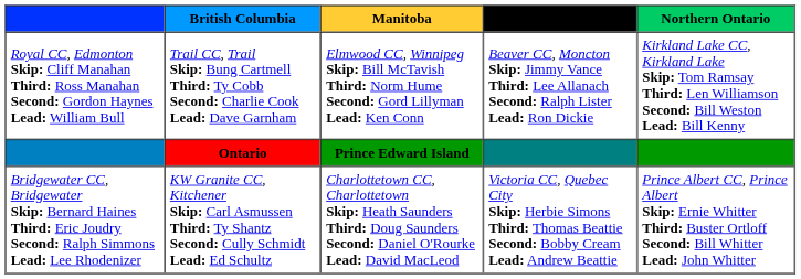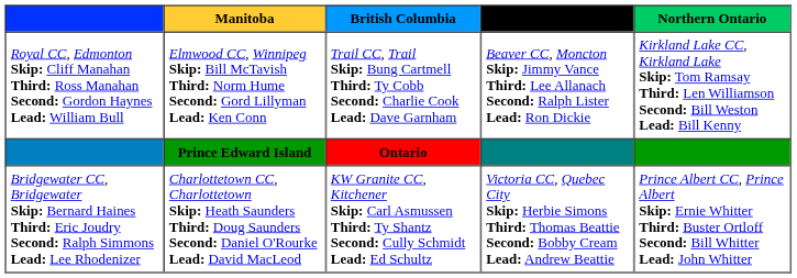 <table - border=1 cellpadding=5 cellspacing=0>
 <tr>
 <th bgcolor=#0033FF width=200></th>
+<th style="background:#FFCC33; width:200px;">Manitoba</th>
 <th style="background:#09f; width:200px;">British Columbia</th>
-<th style="background:#FFCC33; width:200px;">Manitoba</th>
 <th bgcolor=#000000 width=200></th>
 <th style="background:#0c6; width:200px;">Northern Ontario</th>
 </tr>
 <tr>
 <td><em><a href='#'>Royal CC</a>, <a href='#'>Edmonton</a></em><br><strong>Skip:</strong> <a href='#'>Cliff Manahan</a><br> <strong>Third:</strong> <a href='#'>Ross Manahan</a><br> <strong>Second:</strong> <a href='#'>Gordon Haynes</a><br> <strong>Lead:</strong> <a href='#'>William Bull</a></td>
+<td><em><a href='#'>Elmwood CC</a>, <a href='#'>Winnipeg</a></em><br><strong>Skip:</strong> <a href='#'>Bill McTavish</a><br> <strong>Third:</strong> <a href='#'>Norm Hume</a><br> <strong>Second:</strong> <a href='#'>Gord Lillyman</a><br> <strong>Lead:</strong> <a href='#'>Ken Conn</a></td>
 <td><em><a href='#'>Trail CC</a>, <a href='#'>Trail</a></em><br><strong>Skip:</strong> <a href='#'>Bung Cartmell</a><br> <strong>Third:</strong> <a href='#'>Ty Cobb</a><br> <strong>Second:</strong> <a href='#'>Charlie Cook</a><br> <strong>Lead:</strong> <a href='#'>Dave Garnham</a></td>
-<td><em><a href='#'>Elmwood CC</a>, <a href='#'>Winnipeg</a></em><br><strong>Skip:</strong> <a href='#'>Bill McTavish</a><br> <strong>Third:</strong> <a href='#'>Norm Hume</a><br> <strong>Second:</strong> <a href='#'>Gord Lillyman</a><br> <strong>Lead:</strong> <a href='#'>Ken Conn</a></td>
 <td><em><a href='#'>Beaver CC</a>, <a href='#'>Moncton</a></em><br><strong>Skip:</strong> <a href='#'>Jimmy Vance</a><br> <strong>Third:</strong> <a href='#'>Lee Allanach</a><br> <strong>Second:</strong> <a href='#'>Ralph Lister</a><br> <strong>Lead:</strong> <a href='#'>Ron Dickie</a></td>
 <td><em><a href='#'>Kirkland Lake CC</a>, <a href='#'>Kirkland Lake</a></em><br><strong>Skip:</strong> <a href='#'>Tom Ramsay</a><br> <strong>Third:</strong> <a href='#'>Len Williamson</a><br> <strong>Second:</strong> <a href='#'>Bill Weston</a><br> <strong>Lead:</strong> <a href='#'>Bill Kenny</a></td>
 </tr>
 <tr border=1 cellpadding=5 cellspacing=0>
 <th bgcolor=#0080C0 width=200></th>
+<th style="background:#090; width:200px;">Prince Edward Island</th>
 <th bgcolor=#FF0000 width=200>Ontario</th>
-<th style="background:#090; width:200px;">Prince Edward Island</th>
 <th style="background:#008080; width:200px;"></th>
 <th bgcolor=#009900 width=200></th>
 </tr>
 <tr>
 <td><em><a href='#'>Bridgewater CC</a>, <a href='#'>Bridgewater</a></em><br><strong>Skip:</strong> <a href='#'>Bernard Haines</a><br> <strong>Third:</strong> <a href='#'>Eric Joudry</a><br> <strong>Second:</strong> <a href='#'>Ralph Simmons</a><br> <strong>Lead:</strong> <a href='#'>Lee Rhodenizer</a></td>
+<td><em><a href='#'>Charlottetown CC</a>, <a href='#'>Charlottetown</a></em><br><strong>Skip:</strong> <a href='#'>Heath Saunders</a><br> <strong>Third:</strong> <a href='#'>Doug Saunders</a><br> <strong>Second:</strong> <a href='#'>Daniel O'Rourke</a><br> <strong>Lead:</strong> <a href='#'>David MacLeod</a></td>
 <td><em><a href='#'>KW Granite CC</a>, <a href='#'>Kitchener</a></em><br><strong>Skip:</strong> <a href='#'>Carl Asmussen</a><br> <strong>Third:</strong> <a href='#'>Ty Shantz</a><br> <strong>Second:</strong> <a href='#'>Cully Schmidt</a><br> <strong>Lead:</strong> <a href='#'>Ed Schultz</a></td>
-<td><em><a href='#'>Charlottetown CC</a>, <a href='#'>Charlottetown</a></em><br><strong>Skip:</strong> <a href='#'>Heath Saunders</a><br> <strong>Third:</strong> <a href='#'>Doug Saunders</a><br> <strong>Second:</strong> <a href='#'>Daniel O'Rourke</a><br> <strong>Lead:</strong> <a href='#'>David MacLeod</a></td>
 <td><em><a href='#'>Victoria CC</a>, <a href='#'>Quebec City</a></em><br><strong>Skip:</strong> <a href='#'>Herbie Simons</a><br> <strong>Third:</strong> <a href='#'>Thomas Beattie</a><br> <strong>Second:</strong> <a href='#'>Bobby Cream</a><br> <strong>Lead:</strong> <a href='#'>Andrew Beattie</a></td>
 <td><em><a href='#'>Prince Albert CC</a>, <a href='#'>Prince Albert</a></em><br><strong>Skip:</strong> <a href='#'>Ernie Whitter</a><br> <strong>Third:</strong> <a href='#'>Buster Ortloff</a><br> <strong>Second:</strong> <a href='#'>Bill Whitter</a><br> <strong>Lead:</strong> <a href='#'>John Whitter</a></td>
 </tr>
 </table>
